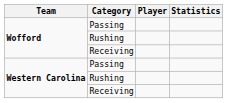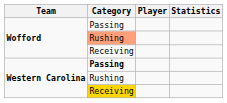 <table class="wikitable" style="float: right;">
 <tr>
 <th>Team</th>
 <th>Category</th>
 <th>Player</th>
 <th>Statistics</th>
 </tr>
 <tr>
 <td rowspan=3><strong>Wofford</strong></td>
 <td>Passing</td>
 <td></td>
 <td></td>
 </tr>
 <tr>
-<td>Rushing</td>
+<td style="background: lightsalmon;">Rushing</td>
 <td></td>
 <td></td>
 </tr>
 <tr>
 <td>Receiving</td>
 <td></td>
 <td></td>
 </tr>
 <tr>
 <td rowspan=3><strong>Western Carolina</strong></td>
-<td>Passing</td>
+<td><strong>Passing</strong></td>
 <td></td>
 <td></td>
 </tr>
 <tr>
 <td>Rushing</td>
 <td></td>
 <td></td>
 </tr>
 <tr>
-<td>Receiving</td>
+<td style="background: gold;">Receiving</td>
 <td></td>
 <td></td>
 </tr>
 </table>
